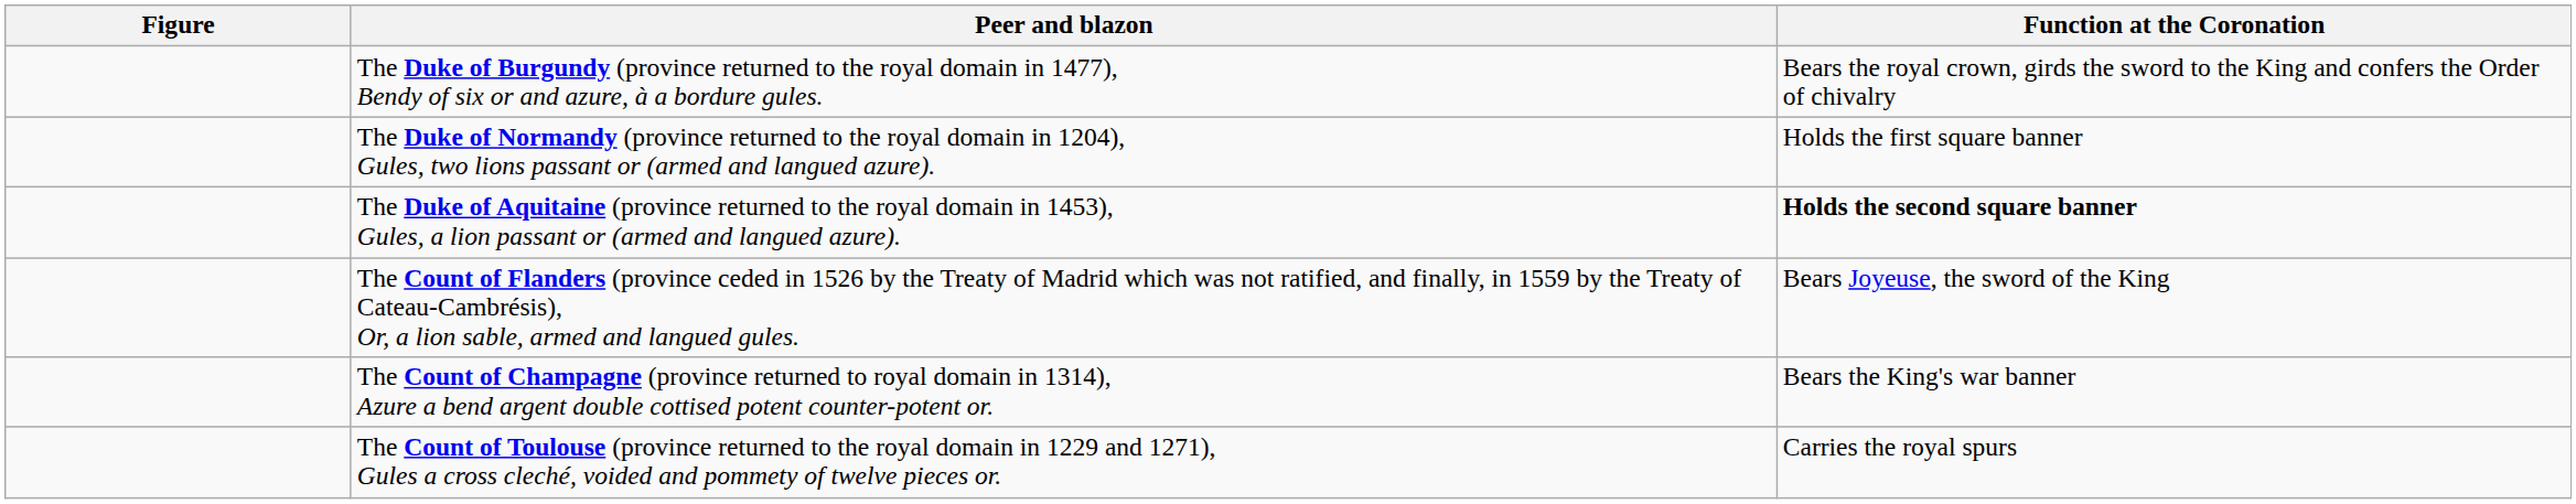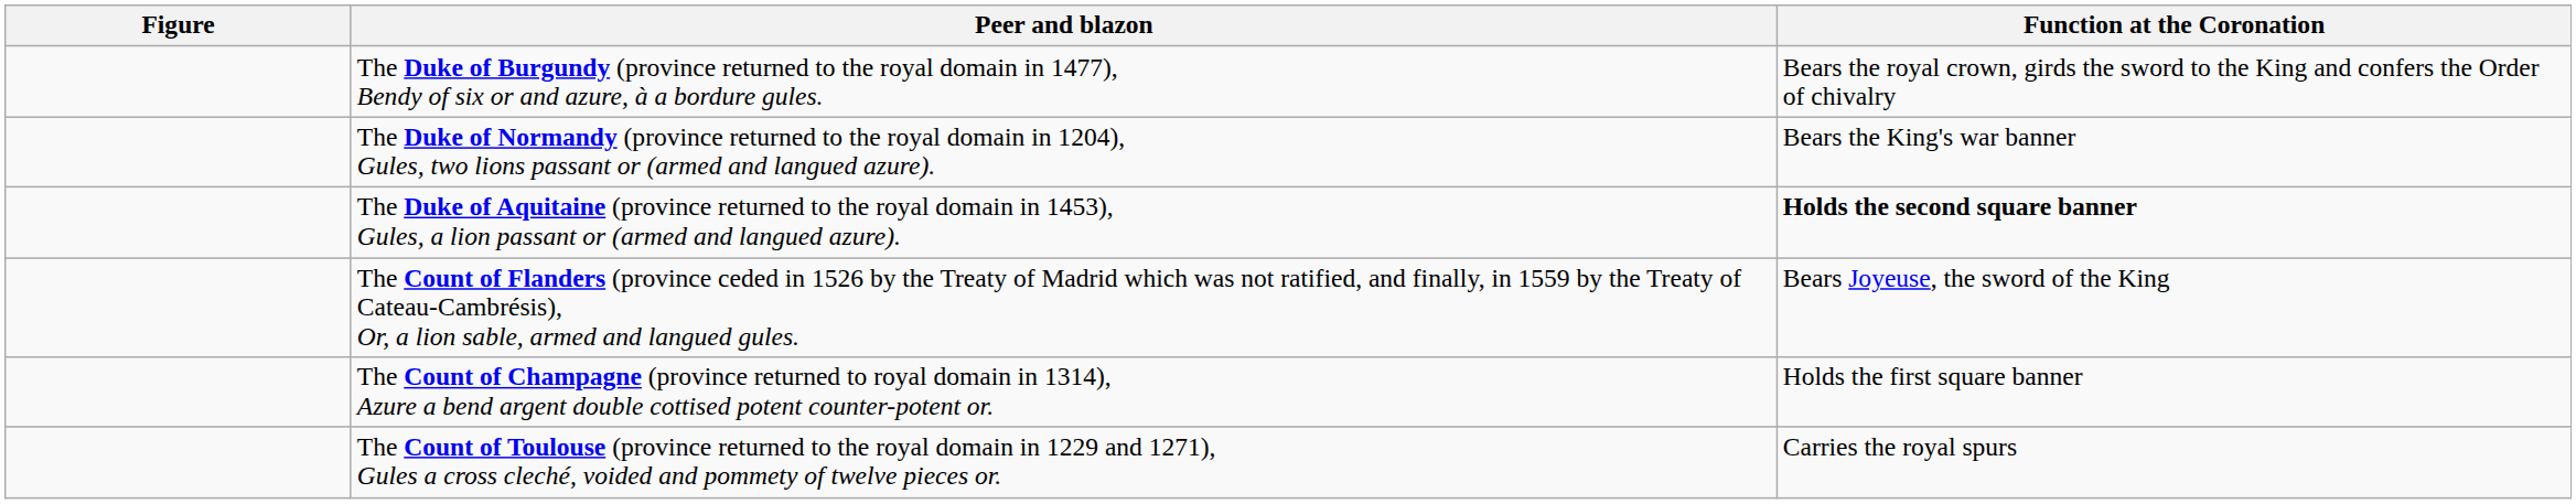 <table class="wikitable" width="100%">
 <tr>
 <th width="206">Figure</th>
 <th>Peer and blazon</th>
 <th>Function at the Coronation</th>
 </tr>
 <tr valign=top>
 <td align=center></td>
 <td>The <strong><a href='#'>Duke of Burgundy</a></strong> (province returned to the royal domain in 1477),<br><em>Bendy of six or and azure, à a bordure gules.</em></td>
 <td>Bears the royal crown, girds the sword to the King and confers the Order of chivalry</td>
 </tr>
 <tr valign=top>
 <td align=center></td>
 <td>The <strong><a href='#'>Duke of Normandy</a></strong> (province returned to the royal domain in 1204),<br><em>Gules, two lions passant or (armed and langued azure).</em></td>
-<td>Holds the first square banner</td>
+<td>Bears the King's war banner</td>
 </tr>
 <tr valign=top>
 <td align=center></td>
 <td>The <strong><a href='#'>Duke of Aquitaine</a></strong> (province returned to the royal domain in 1453),<br><em>Gules, a lion passant or (armed and langued azure).</em></td>
 <td><strong>Holds the second square banner</strong></td>
 </tr>
 <tr valign=top>
 <td align=center></td>
 <td>The <strong><a href='#'>Count of Flanders</a></strong> (province ceded in 1526 by the Treaty of Madrid which was not ratified, and finally, in 1559 by the Treaty of Cateau-Cambrésis),<br><em>Or, a lion sable, armed and langued gules.</em></td>
 <td>Bears <a href='#'>Joyeuse</a>, the sword of the King</td>
 </tr>
 <tr valign=top>
 <td align=center></td>
 <td>The <strong><a href='#'>Count of Champagne</a></strong> (province returned to royal domain in 1314),<br><em>Azure a bend argent double cottised potent counter-potent or.</em></td>
-<td>Bears the King's war banner</td>
+<td>Holds the first square banner</td>
 </tr>
 <tr valign=top>
 <td align=center></td>
 <td>The <strong><a href='#'>Count of Toulouse</a></strong> (province returned to the royal domain in 1229 and 1271),<br><em>Gules a cross cleché, voided and pommety of twelve pieces or.</em></td>
 <td>Carries the royal spurs</td>
 </tr>
 </table>
